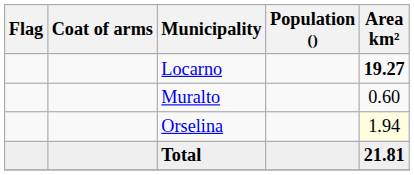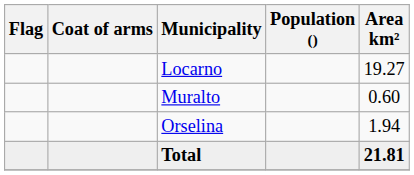 <table class="wikitable">
 <tr>
 <th>Flag</th>
 <th>Coat of arms</th>
 <th>Municipality</th>
 <th>Population<br><small>()</small></th>
 <th>Area <br>km²</th>
 </tr>
 <tr>
 <td></td>
 <td></td>
 <td><a href='#'>Locarno</a></td>
 <td align="center"></td>
-<td align="center"><strong>19.27</strong></td>
+<td align="center">19.27</td>
 </tr>
 <tr>
 <td></td>
 <td></td>
 <td><a href='#'>Muralto</a></td>
 <td align="center"></td>
 <td align="center">0.60</td>
 </tr>
 <tr>
 <td></td>
 <td></td>
 <td><a href='#'>Orselina</a></td>
 <td align="center"></td>
-<td align="center" style="background: lightyellow;">1.94</td>
+<td align="center">1.94</td>
 </tr>
 <tr>
 <td bgcolor="#EFEFEF"></td>
 <td bgcolor="#EFEFEF"></td>
 <td bgcolor="#EFEFEF"><strong>Total</strong></td>
 <td bgcolor="#EFEFEF" align="center"></td>
 <td bgcolor="#EFEFEF" align="center"><strong>21.81</strong></td>
 </tr>
 <tr>
 </tr>
 </table>
